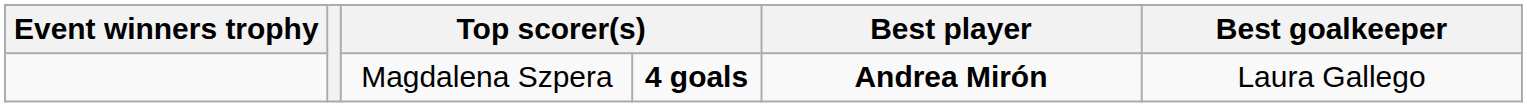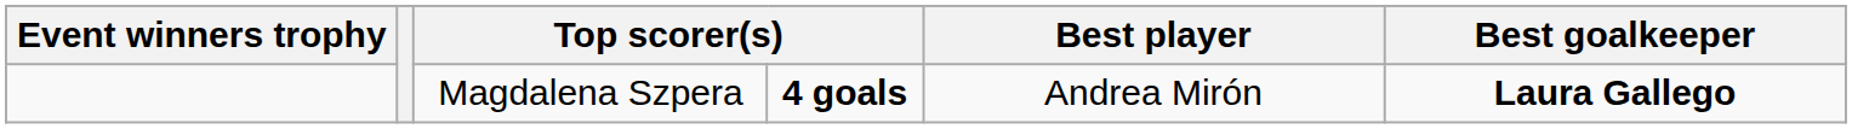 <table class="wikitable" style="text-align: center; font-size: 97%;">
 <tr>
 <th width=160>Event winners trophy</th>
 <th rowspan=2></th>
 <th colspan=2 width=210>Top scorer(s)</th>
 <th width=190>Best player</th>
 <th width=190>Best goalkeeper</th>
 </tr>
 <tr align=center style="background:">
 <td style="text-align:center;"></td>
 <td> Magdalena Szpera</td>
 <td><strong>4 goals</strong></td>
-<td><strong> Andrea Mirón</strong></td>
-<td> Laura Gallego</td>
+<td> Andrea Mirón</td>
+<td><strong> Laura Gallego</strong></td>
 </tr>
 </table>
